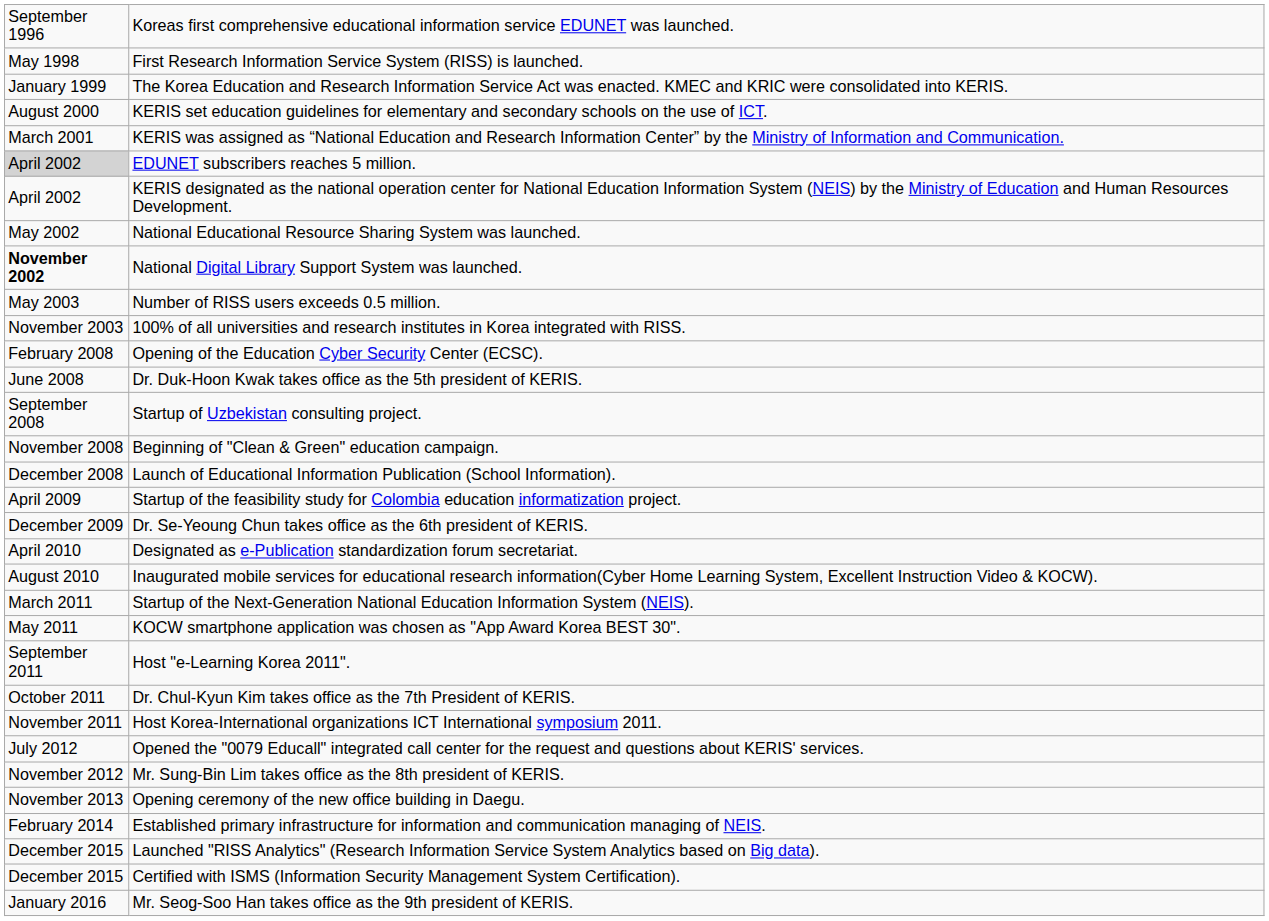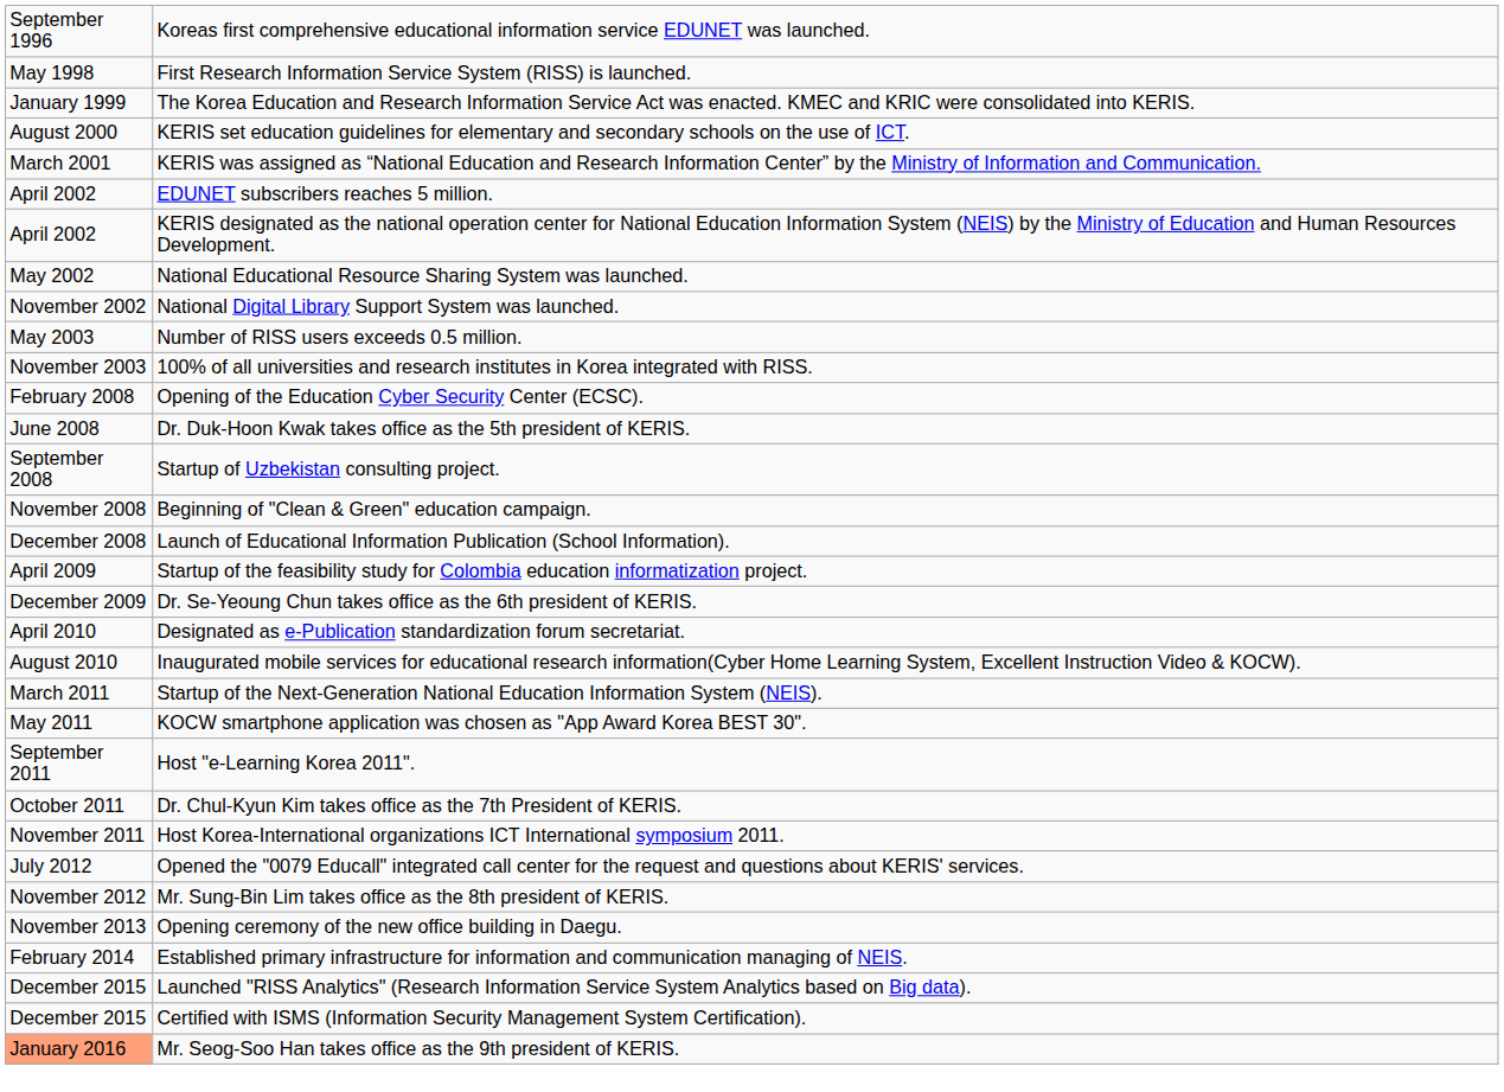 <table class="wikitable">
 <tr>
 <td>September 1996</td>
 <td>Koreas first comprehensive educational information service <a href='#'>EDUNET</a> was launched.</td>
 </tr>
 <tr>
 <td>May 1998</td>
 <td>First Research Information Service System (RISS) is launched.</td>
 </tr>
 <tr>
 <td>January 1999</td>
 <td>The Korea Education and Research Information Service Act was enacted. KMEC and KRIC were consolidated into KERIS.</td>
 </tr>
 <tr>
 <td>August 2000</td>
 <td>KERIS set education guidelines for elementary and secondary schools on the use of <a href='#'>ICT</a>.</td>
 </tr>
 <tr>
 <td>March 2001</td>
 <td>KERIS was assigned as “National Education and Research Information Center” by the <a href='#'>Ministry of Information and Communication.</a></td>
 </tr>
 <tr>
-<td style="background: lightgrey;">April 2002</td>
+<td>April 2002</td>
 <td><a href='#'>EDUNET</a> subscribers reaches 5 million.</td>
 </tr>
 <tr>
 <td>April 2002</td>
 <td>KERIS designated as the national operation center for National Education Information System (<a href='#'>NEIS</a>) by the <a href='#'>Ministry of Education</a> and Human Resources Development.</td>
 </tr>
 <tr>
 <td>May 2002</td>
 <td>National Educational Resource Sharing System was launched.</td>
 </tr>
 <tr>
-<td><strong>November 2002</strong></td>
+<td>November 2002</td>
 <td>National <a href='#'>Digital Library</a> Support System was launched.</td>
 </tr>
 <tr>
 <td>May 2003</td>
 <td>Number of RISS users exceeds 0.5 million.</td>
 </tr>
 <tr>
 <td>November 2003</td>
 <td>100% of all universities and research institutes in Korea integrated with RISS.</td>
 </tr>
 <tr>
 <td>February 2008</td>
 <td>Opening of the Education <a href='#'>Cyber Security</a> Center (ECSC).</td>
 </tr>
 <tr>
 <td>June 2008</td>
 <td>Dr. Duk-Hoon Kwak takes office as the 5th president of KERIS.</td>
 </tr>
 <tr>
 <td>September 2008</td>
 <td>Startup of <a href='#'>Uzbekistan</a> consulting project.</td>
 </tr>
 <tr>
 <td>November 2008</td>
 <td>Beginning of "Clean & Green" education campaign.</td>
 </tr>
 <tr>
 <td>December 2008</td>
 <td>Launch of Educational Information Publication (School Information).</td>
 </tr>
 <tr>
 <td>April 2009</td>
 <td>Startup of the feasibility study for <a href='#'>Colombia</a> education <a href='#'>informatization</a> project.</td>
 </tr>
 <tr>
 <td>December 2009</td>
 <td>Dr. Se-Yeoung Chun takes office as the 6th president of KERIS.</td>
 </tr>
 <tr>
 <td>April 2010</td>
 <td>Designated as <a href='#'>e-Publication</a> standardization forum secretariat.</td>
 </tr>
 <tr>
 <td>August 2010</td>
 <td>Inaugurated mobile services for educational research information(Cyber Home Learning System, Excellent Instruction Video & KOCW).</td>
 </tr>
 <tr>
 <td>March 2011</td>
 <td>Startup of the Next-Generation National Education Information System (<a href='#'>NEIS</a>).</td>
 </tr>
 <tr>
 <td>May 2011</td>
 <td>KOCW smartphone application was chosen as "App Award Korea BEST 30".</td>
 </tr>
 <tr>
 <td>September 2011</td>
 <td>Host "e-Learning Korea 2011".</td>
 </tr>
 <tr>
 <td>October 2011</td>
 <td>Dr. Chul-Kyun Kim takes office as the 7th President of KERIS.</td>
 </tr>
 <tr>
 <td>November 2011</td>
 <td>Host Korea-International organizations ICT International <a href='#'>symposium</a> 2011.</td>
 </tr>
 <tr>
 <td>July 2012</td>
 <td>Opened the "0079 Educall" integrated call center for the request and questions about KERIS' services.</td>
 </tr>
 <tr>
 <td>November 2012</td>
 <td>Mr. Sung-Bin Lim takes office as the 8th president of KERIS.</td>
 </tr>
 <tr>
 <td>November 2013</td>
 <td>Opening ceremony of the new office building in Daegu.</td>
 </tr>
 <tr>
 <td>February 2014</td>
 <td>Established primary infrastructure for information and communication managing of <a href='#'>NEIS</a>.</td>
 </tr>
 <tr>
 <td>December 2015</td>
 <td>Launched "RISS Analytics" (Research Information Service System Analytics based on <a href='#'>Big data</a>).</td>
 </tr>
 <tr>
 <td>December 2015</td>
 <td>Certified with ISMS (Information Security Management System Certification).</td>
 </tr>
 <tr>
-<td>January 2016</td>
+<td style="background: lightsalmon;">January 2016</td>
 <td>Mr. Seog-Soo Han takes office as the 9th president of KERIS.</td>
 </tr>
 </table>
